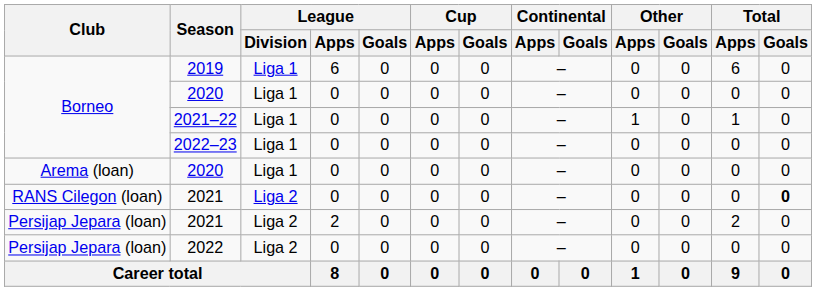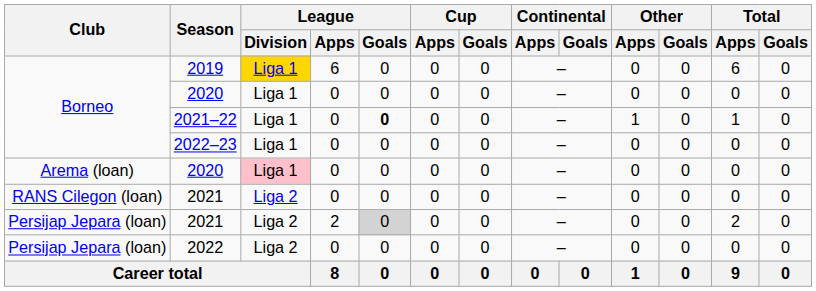 <table class="wikitable" style="text-align: center">
 <tr>
 <th rowspan="2">Club</th>
 <th rowspan="2">Season</th>
 <th colspan="3">League</th>
 <th colspan="2">Cup</th>
 <th colspan="2">Continental</th>
 <th colspan="2">Other</th>
 <th colspan="2">Total</th>
 </tr>
 <tr>
 <th>Division</th>
 <th>Apps</th>
 <th>Goals</th>
 <th>Apps</th>
 <th>Goals</th>
 <th>Apps</th>
 <th>Goals</th>
 <th>Apps</th>
 <th>Goals</th>
 <th>Apps</th>
 <th>Goals</th>
 </tr>
 <tr>
 <td rowspan="4"><a href='#'>Borneo</a></td>
 <td><a href='#'>2019</a></td>
-<td rowspan="1" valign="center"><a href='#'>Liga 1</a></td>
+<td rowspan="1" valign="center" style="background: gold;"><a href='#'>Liga 1</a></td>
 <td>6</td>
 <td>0</td>
 <td>0</td>
 <td>0</td>
 <td colspan="2">–</td>
 <td>0</td>
 <td>0</td>
 <td>6</td>
 <td>0</td>
 </tr>
 <tr>
 <td><a href='#'>2020</a></td>
 <td rowspan="1" valign="center">Liga 1</td>
 <td>0</td>
 <td>0</td>
 <td>0</td>
 <td>0</td>
 <td colspan="2">–</td>
 <td>0</td>
 <td>0</td>
 <td>0</td>
 <td>0</td>
 </tr>
 <tr>
 <td><a href='#'>2021–22</a></td>
 <td rowspan="1" valign="center">Liga 1</td>
 <td>0</td>
-<td>0</td>
+<td><strong>0</strong></td>
 <td>0</td>
 <td>0</td>
 <td colspan="2">–</td>
 <td>1</td>
 <td>0</td>
 <td>1</td>
 <td>0</td>
 </tr>
 <tr>
 <td><a href='#'>2022–23</a></td>
 <td rowspan="1" valign="center">Liga 1</td>
 <td>0</td>
 <td>0</td>
 <td>0</td>
 <td>0</td>
 <td colspan=2>–</td>
 <td>0</td>
 <td>0</td>
 <td>0</td>
 <td>0</td>
 </tr>
 <tr>
 <td rowspan="1"><a href='#'>Arema</a> (loan)</td>
 <td><a href='#'>2020</a></td>
-<td rowspan="1" valign="center">Liga 1</td>
+<td rowspan="1" valign="center" style="background: pink;">Liga 1</td>
 <td>0</td>
 <td>0</td>
 <td>0</td>
 <td>0</td>
 <td colspan="2">–</td>
 <td>0</td>
 <td>0</td>
 <td>0</td>
 <td>0</td>
 </tr>
 <tr>
 <td rowspan="1"><a href='#'>RANS Cilegon</a> (loan)</td>
 <td>2021</td>
 <td rowspan="1" valign="center"><a href='#'>Liga 2</a></td>
 <td>0</td>
 <td>0</td>
 <td>0</td>
 <td>0</td>
 <td colspan="2">–</td>
 <td>0</td>
 <td>0</td>
 <td>0</td>
-<td><strong>0</strong></td>
+<td>0</td>
 </tr>
 <tr>
 <td rowspan="1"><a href='#'>Persijap Jepara</a> (loan)</td>
 <td>2021</td>
 <td rowspan="1" valign="center">Liga 2</td>
 <td>2</td>
-<td>0</td>
+<td style="background: lightgrey;">0</td>
 <td>0</td>
 <td>0</td>
 <td colspan="2">–</td>
 <td>0</td>
 <td>0</td>
 <td>2</td>
 <td>0</td>
 </tr>
 <tr>
 <td rowspan="1"><a href='#'>Persijap Jepara</a> (loan)</td>
 <td>2022</td>
 <td rowspan="1" valign="center">Liga 2</td>
 <td>0</td>
 <td>0</td>
 <td>0</td>
 <td>0</td>
 <td colspan="2">–</td>
 <td>0</td>
 <td>0</td>
 <td>0</td>
 <td>0</td>
 </tr>
 <tr>
 <th colspan=3>Career total</th>
 <th>8</th>
 <th>0</th>
 <th>0</th>
 <th>0</th>
 <th>0</th>
 <th>0</th>
 <th>1</th>
 <th>0</th>
 <th>9</th>
 <th>0</th>
 </tr>
 </table>
